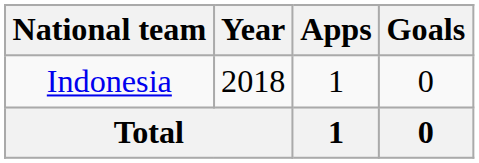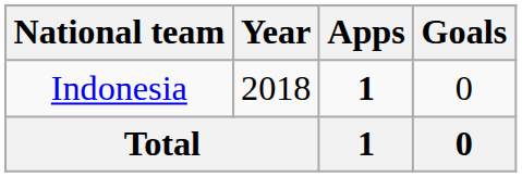 <table class=wikitable style=text-align:center>
 <tr>
 <th>National team</th>
 <th>Year</th>
 <th>Apps</th>
 <th>Goals</th>
 </tr>
 <tr>
 <td><a href='#'>Indonesia</a></td>
 <td>2018</td>
-<td>1</td>
+<td><strong>1</strong></td>
 <td>0</td>
 </tr>
 <tr>
 <th colspan=2>Total</th>
 <th>1</th>
 <th>0</th>
 </tr>
 </table>
